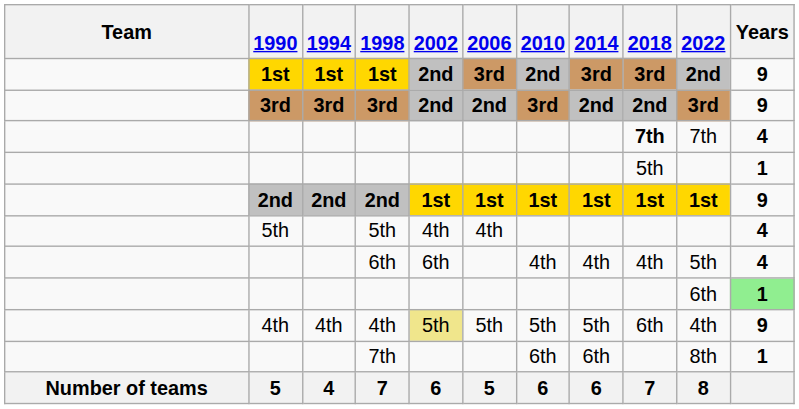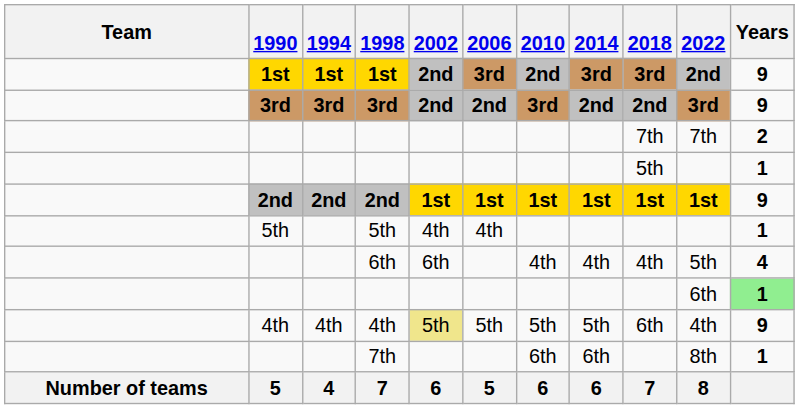 <table class="wikitable" style="text-align:center; font-size:90%">
 <tr>
 <th width=170>Team</th>
 <th width=25><br><a href='#'>1990</a></th>
 <th width=25><br><a href='#'>1994</a></th>
 <th width=25><br><a href='#'>1998</a></th>
 <th width=25><br><a href='#'>2002</a></th>
 <th width=25><br><a href='#'>2006</a></th>
 <th width=25><br><a href='#'>2010</a></th>
 <th width=25><br><a href='#'>2014</a></th>
 <th width=25><br><a href='#'>2018</a></th>
 <th width=25><br><a href='#'>2022</a></th>
 <th width=40>Years</th>
 </tr>
 <tr>
 <td align=left></td>
 <td bgcolor=gold><strong>1st</strong></td>
 <td bgcolor=gold><strong>1st</strong></td>
 <td bgcolor=gold><strong>1st</strong></td>
 <td bgcolor=silver><strong>2nd</strong></td>
 <td bgcolor=cc9966><strong>3rd</strong></td>
 <td bgcolor=silver><strong>2nd</strong></td>
 <td bgcolor=cc9966><strong>3rd</strong></td>
 <td bgcolor=cc9966><strong>3rd</strong></td>
 <td bgcolor=silver><strong>2nd</strong></td>
 <td><strong>9</strong></td>
 </tr>
 <tr>
 <td align=left></td>
 <td bgcolor=cc9966><strong>3rd</strong></td>
 <td bgcolor=cc9966><strong>3rd</strong></td>
 <td bgcolor=cc9966><strong>3rd</strong></td>
 <td bgcolor=silver><strong>2nd</strong></td>
 <td bgcolor=silver><strong>2nd</strong></td>
 <td bgcolor=cc9966><strong>3rd</strong></td>
 <td bgcolor=silver><strong>2nd</strong></td>
 <td bgcolor=silver><strong>2nd</strong></td>
 <td bgcolor=cc9966><strong>3rd</strong></td>
 <td><strong>9</strong></td>
 </tr>
 <tr>
 <td align=left></td>
 <td></td>
 <td></td>
 <td></td>
 <td></td>
 <td></td>
 <td></td>
 <td></td>
-<td><strong>7th</strong></td>
 <td>7th</td>
-<td><strong>4</strong></td>
+<td>7th</td>
+<td><strong>2</strong></td>
 </tr>
 <tr>
 <td align=left></td>
 <td></td>
 <td></td>
 <td></td>
 <td></td>
 <td></td>
 <td></td>
 <td></td>
 <td>5th</td>
 <td></td>
 <td><strong>1</strong></td>
 </tr>
 <tr>
 <td align=left></td>
 <td bgcolor=silver><strong>2nd</strong></td>
 <td bgcolor=silver><strong>2nd</strong></td>
 <td bgcolor=silver><strong>2nd</strong></td>
 <td bgcolor=gold><strong>1st</strong></td>
 <td bgcolor=gold><strong>1st</strong></td>
 <td bgcolor=gold><strong>1st</strong></td>
 <td bgcolor=gold><strong>1st</strong></td>
 <td bgcolor=gold><strong>1st</strong></td>
 <td bgcolor=gold><strong>1st</strong></td>
 <td><strong>9</strong></td>
 </tr>
 <tr>
 <td align=left></td>
 <td>5th</td>
 <td></td>
 <td>5th</td>
 <td>4th</td>
 <td>4th</td>
 <td></td>
 <td></td>
 <td></td>
 <td></td>
-<td><strong>4</strong></td>
+<td><strong>1</strong></td>
 </tr>
 <tr>
 <td align=left></td>
 <td></td>
 <td></td>
 <td>6th</td>
 <td>6th</td>
 <td></td>
 <td>4th</td>
 <td>4th</td>
 <td>4th</td>
 <td>5th</td>
 <td><strong>4</strong></td>
 </tr>
 <tr>
 <td align=left></td>
 <td></td>
 <td></td>
 <td></td>
 <td></td>
 <td></td>
 <td></td>
 <td></td>
 <td></td>
 <td>6th</td>
 <td style="background: lightgreen;"><strong>1</strong></td>
 </tr>
 <tr>
 <td align=left></td>
 <td>4th</td>
 <td>4th</td>
 <td>4th</td>
 <td style="background: khaki;">5th</td>
 <td>5th</td>
 <td>5th</td>
 <td>5th</td>
 <td>6th</td>
 <td>4th</td>
 <td><strong>9</strong></td>
 </tr>
 <tr>
 <td align=left></td>
 <td></td>
 <td></td>
 <td>7th</td>
 <td></td>
 <td></td>
 <td>6th</td>
 <td>6th</td>
 <td></td>
 <td>8th</td>
 <td><strong>1</strong></td>
 </tr>
 <tr>
 <th>Number of teams</th>
 <th>5</th>
 <th>4</th>
 <th>7</th>
 <th>6</th>
 <th>5</th>
 <th>6</th>
 <th>6</th>
 <th>7</th>
 <th>8</th>
 <th></th>
 </tr>
 </table>
